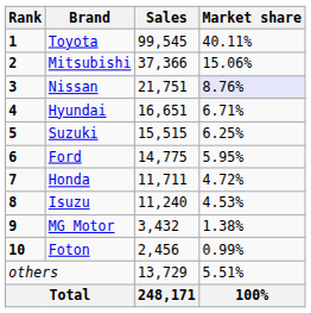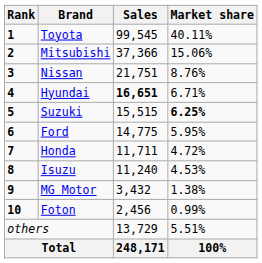 <table class="wikitable" align="left" style="text-align: left; font-size:90%;">
 <tr>
 <th>Rank</th>
 <th>Brand</th>
 <th>Sales</th>
 <th>Market share</th>
 </tr>
 <tr>
 <td><strong>1</strong></td>
 <td><a href='#'>Toyota</a></td>
 <td>99,545</td>
 <td>40.11%</td>
 </tr>
 <tr>
 <td><strong>2</strong></td>
 <td><a href='#'>Mitsubishi</a></td>
 <td>37,366</td>
 <td>15.06%</td>
 </tr>
 <tr>
 <td><strong>3</strong></td>
 <td><a href='#'>Nissan</a></td>
 <td>21,751</td>
-<td style="background: lavender;">8.76%</td>
+<td>8.76%</td>
 </tr>
 <tr>
 <td><strong>4</strong></td>
 <td><a href='#'>Hyundai</a></td>
-<td>16,651</td>
+<td><strong>16,651</strong></td>
 <td>6.71%</td>
 </tr>
 <tr>
 <td><strong>5</strong></td>
 <td><a href='#'>Suzuki</a></td>
 <td>15,515</td>
-<td>6.25%</td>
+<td><strong>6.25%</strong></td>
 </tr>
 <tr>
 <td><strong>6</strong></td>
 <td><a href='#'>Ford</a></td>
 <td>14,775</td>
 <td>5.95%</td>
 </tr>
 <tr>
 <td><strong>7</strong></td>
 <td><a href='#'>Honda</a></td>
 <td>11,711</td>
 <td>4.72%</td>
 </tr>
 <tr>
 <td><strong>8</strong></td>
 <td><a href='#'>Isuzu</a></td>
 <td>11,240</td>
 <td>4.53%</td>
 </tr>
 <tr>
 <td><strong>9</strong></td>
 <td><a href='#'>MG Motor</a></td>
 <td>3,432</td>
 <td>1.38%</td>
 </tr>
 <tr>
 <td><strong>10</strong></td>
 <td><a href='#'>Foton</a></td>
 <td>2,456</td>
 <td>0.99%</td>
 </tr>
 <tr>
 <td colspan="2"><em>others</em></td>
 <td>13,729</td>
 <td>5.51%</td>
 </tr>
 <tr>
 <th colspan="2">Total</th>
 <th>248,171</th>
 <th>100%</th>
 </tr>
 </table>
